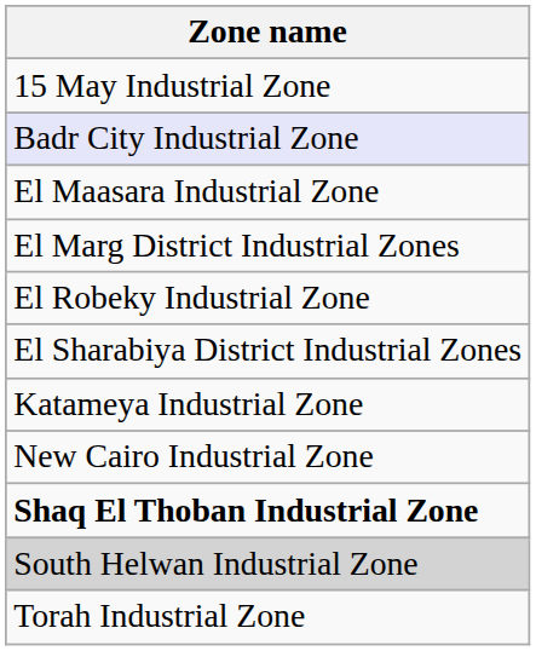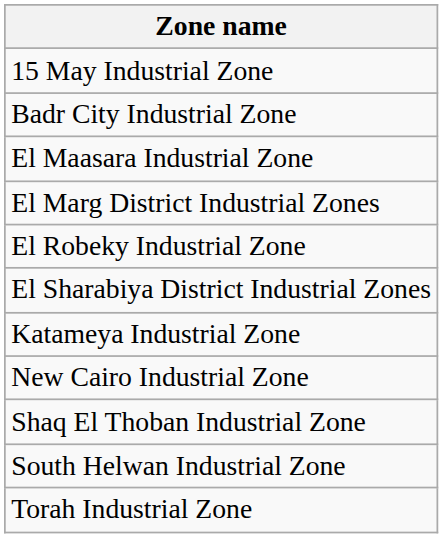 <table class="wikitable">
 <tr>
 <th>Zone name</th>
 </tr>
 <tr>
 <td rowspan="1">15 May Industrial Zone</td>
 </tr>
 <tr>
-<td rowspan="1" style="background: lavender;">Badr City Industrial Zone</td>
+<td rowspan="1">Badr City Industrial Zone</td>
 </tr>
 <tr>
 <td rowspan="1">El Maasara Industrial Zone</td>
 </tr>
 <tr>
 <td rowspan="1">El Marg District Industrial Zones</td>
 </tr>
 <tr>
 <td rowspan="1">El Robeky Industrial Zone</td>
 </tr>
 <tr>
 <td rowspan="1">El Sharabiya District Industrial Zones</td>
 </tr>
 <tr>
 <td rowspan="1">Katameya Industrial Zone</td>
 </tr>
 <tr>
 <td rowspan="1">New Cairo Industrial Zone</td>
 </tr>
 <tr>
-<td rowspan="1"><strong>Shaq El Thoban Industrial Zone</strong></td>
+<td rowspan="1">Shaq El Thoban Industrial Zone</td>
 </tr>
 <tr>
-<td rowspan="1" style="background: lightgrey;">South Helwan Industrial Zone</td>
+<td rowspan="1">South Helwan Industrial Zone</td>
 </tr>
 <tr>
 <td rowspan="1">Torah Industrial Zone</td>
 </tr>
 </table>
